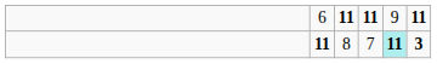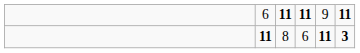 <table class="wikitable">
 <tr>
 <td style="width:18em"><strong></strong></td>
 <td align=center style="width:1em">6</td>
 <td align=center style="width:1em"><strong>11</strong></td>
 <td align=center style="width:1em"><strong>11</strong></td>
 <td align=center style="width:1em">9</td>
 <td align=center style="width:1em"><strong>11</strong></td>
 </tr>
 <tr>
 <td style="width:18em"></td>
 <td align=center style="width:1em"><strong>11</strong></td>
 <td align=center style="width:1em">8</td>
-<td align=center style="width:1em">7</td>
-<td align=center style="background: paleturquoise; width:1em"><strong>11</strong></td>
+<td align=center style="width:1em">6</td>
+<td align=center style="width:1em"><strong>11</strong></td>
 <td align=center style="width:1em"><strong>3</strong></td>
 </tr>
 </table>
